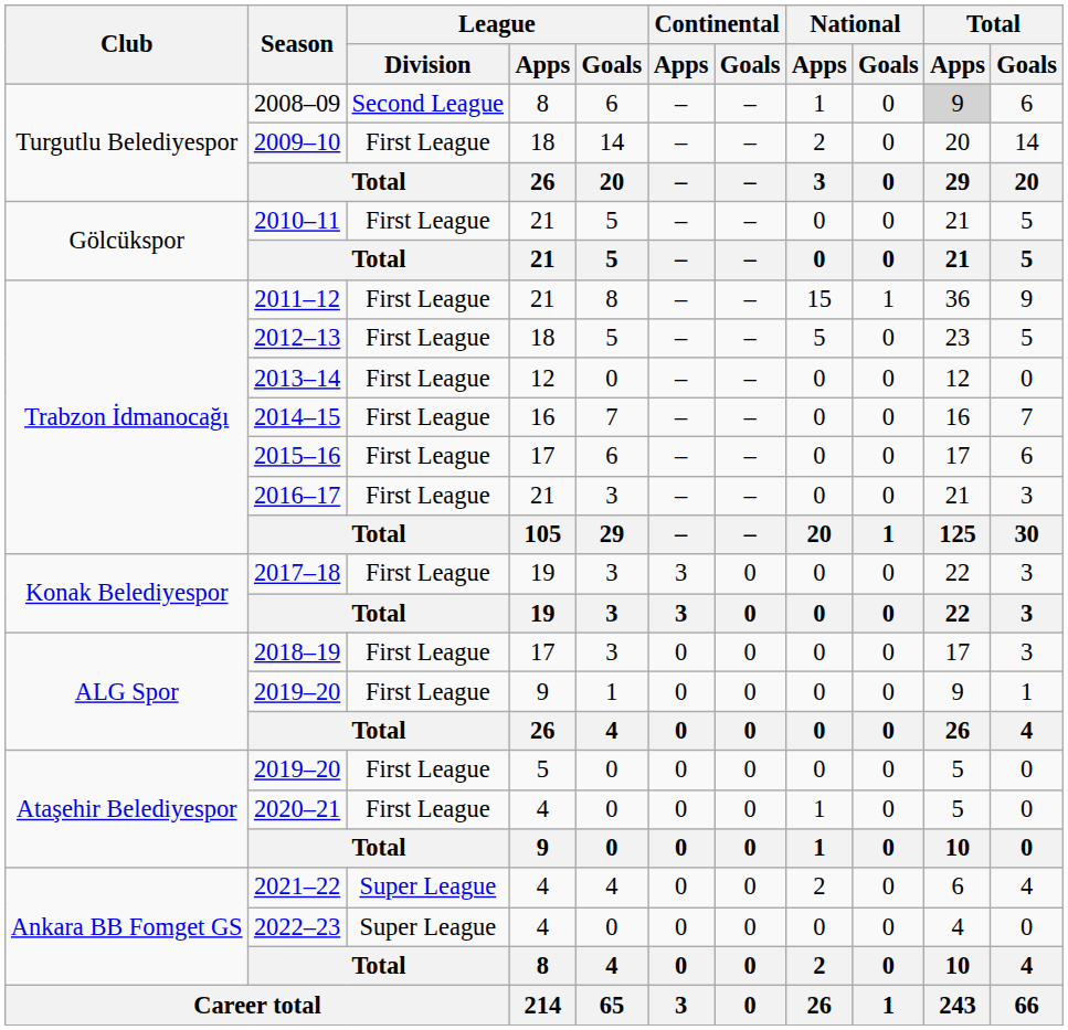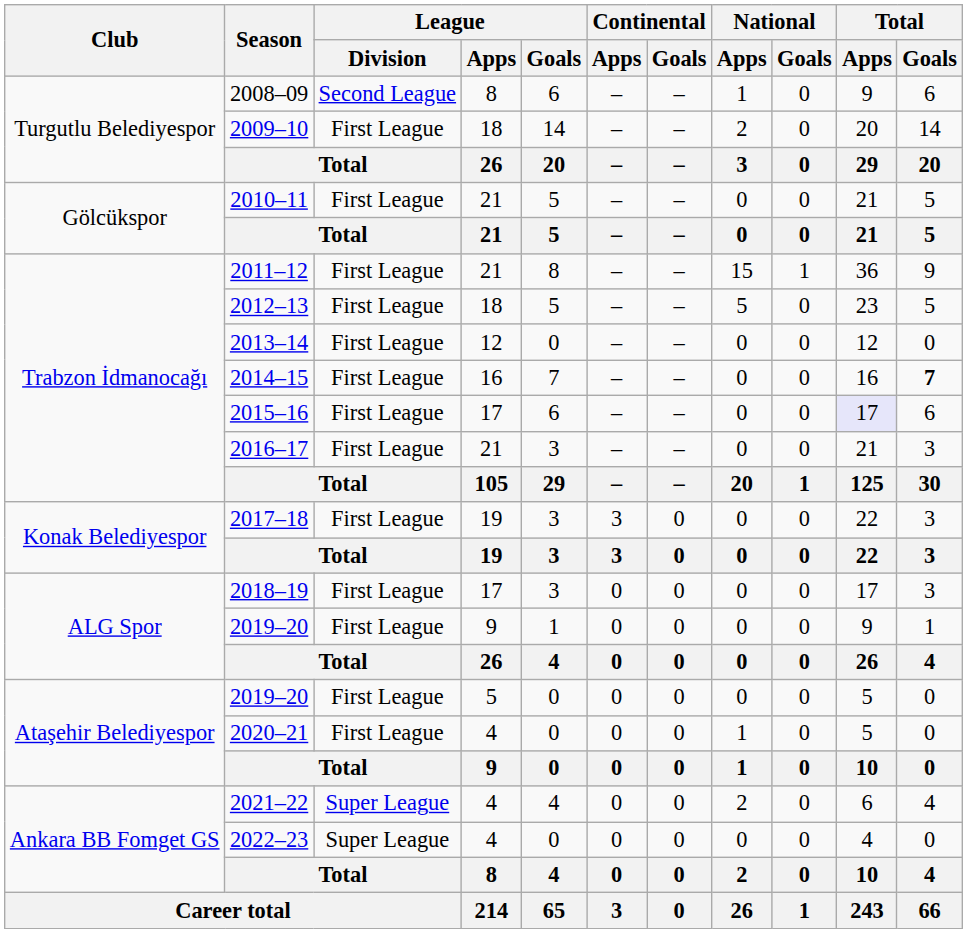 <table class="wikitable" style="text-align: center;">
 <tr>
 <th rowspan="2">Club</th>
 <th rowspan="2">Season</th>
 <th colspan="3">League</th>
 <th colspan="2">Continental</th>
 <th colspan="2">National</th>
 <th colspan="2">Total</th>
 </tr>
 <tr>
 <th>Division</th>
 <th>Apps</th>
 <th>Goals</th>
 <th>Apps</th>
 <th>Goals</th>
 <th>Apps</th>
 <th>Goals</th>
 <th>Apps</th>
 <th>Goals</th>
 </tr>
 <tr>
 <td rowspan=3>Turgutlu Belediyespor</td>
 <td>2008–09</td>
 <td><a href='#'>Second League</a></td>
 <td>8</td>
 <td>6</td>
 <td>–</td>
 <td>–</td>
 <td>1</td>
 <td>0</td>
-<td style="background: lightgrey;">9</td>
+<td>9</td>
 <td>6</td>
 </tr>
 <tr>
 <td><a href='#'>2009–10</a></td>
 <td>First League</td>
 <td>18</td>
 <td>14</td>
 <td>–</td>
 <td>–</td>
 <td>2</td>
 <td>0</td>
 <td>20</td>
 <td>14</td>
 </tr>
 <tr>
 <th colspan=2>Total</th>
 <th>26</th>
 <th>20</th>
 <th>–</th>
 <th>–</th>
 <th>3</th>
 <th>0</th>
 <th>29</th>
 <th>20</th>
 </tr>
 <tr>
 <td rowspan=2>Gölcükspor</td>
 <td><a href='#'>2010–11</a></td>
 <td>First League</td>
 <td>21</td>
 <td>5</td>
 <td>–</td>
 <td>–</td>
 <td>0</td>
 <td>0</td>
 <td>21</td>
 <td>5</td>
 </tr>
 <tr>
 <th colspan=2>Total</th>
 <th>21</th>
 <th>5</th>
 <th>–</th>
 <th>–</th>
 <th>0</th>
 <th>0</th>
 <th>21</th>
 <th>5</th>
 </tr>
 <tr>
 <td rowspan=7><a href='#'>Trabzon İdmanocağı</a></td>
 <td><a href='#'>2011–12</a></td>
 <td>First League</td>
 <td>21</td>
 <td>8</td>
 <td>–</td>
 <td>–</td>
 <td>15</td>
 <td>1</td>
 <td>36</td>
 <td>9</td>
 </tr>
 <tr>
 <td><a href='#'>2012–13</a></td>
 <td>First League</td>
 <td>18</td>
 <td>5</td>
 <td>–</td>
 <td>–</td>
 <td>5</td>
 <td>0</td>
 <td>23</td>
 <td>5</td>
 </tr>
 <tr>
 <td><a href='#'>2013–14</a></td>
 <td>First League</td>
 <td>12</td>
 <td>0</td>
 <td>–</td>
 <td>–</td>
 <td>0</td>
 <td>0</td>
 <td>12</td>
 <td>0</td>
 </tr>
 <tr>
 <td><a href='#'>2014–15</a></td>
 <td>First League</td>
 <td>16</td>
 <td>7</td>
 <td>–</td>
 <td>–</td>
 <td>0</td>
 <td>0</td>
 <td>16</td>
-<td>7</td>
+<td><strong>7</strong></td>
 </tr>
 <tr>
 <td><a href='#'>2015–16</a></td>
 <td>First League</td>
 <td>17</td>
 <td>6</td>
 <td>–</td>
 <td>–</td>
 <td>0</td>
 <td>0</td>
-<td>17</td>
+<td style="background: lavender;">17</td>
 <td>6</td>
 </tr>
 <tr>
 <td><a href='#'>2016–17</a></td>
 <td>First League</td>
 <td>21</td>
 <td>3</td>
 <td>–</td>
 <td>–</td>
 <td>0</td>
 <td>0</td>
 <td>21</td>
 <td>3</td>
 </tr>
 <tr>
 <th colspan=2>Total</th>
 <th>105</th>
 <th>29</th>
 <th>–</th>
 <th>–</th>
 <th>20</th>
 <th>1</th>
 <th>125</th>
 <th>30</th>
 </tr>
 <tr>
 <td rowspan=2><a href='#'>Konak Belediyespor</a></td>
 <td><a href='#'>2017–18</a></td>
 <td>First League</td>
 <td>19</td>
 <td>3</td>
 <td>3</td>
 <td>0</td>
 <td>0</td>
 <td>0</td>
 <td>22</td>
 <td>3</td>
 </tr>
 <tr>
 <th colspan="2">Total</th>
 <th>19</th>
 <th>3</th>
 <th>3</th>
 <th>0</th>
 <th>0</th>
 <th>0</th>
 <th>22</th>
 <th>3</th>
 </tr>
 <tr>
 <td rowspan=3><a href='#'>ALG Spor</a></td>
 <td><a href='#'>2018–19</a></td>
 <td>First League</td>
 <td>17</td>
 <td>3</td>
 <td>0</td>
 <td>0</td>
 <td>0</td>
 <td>0</td>
 <td>17</td>
 <td>3</td>
 </tr>
 <tr>
 <td><a href='#'>2019–20</a></td>
 <td>First League</td>
 <td>9</td>
 <td>1</td>
 <td>0</td>
 <td>0</td>
 <td>0</td>
 <td>0</td>
 <td>9</td>
 <td>1</td>
 </tr>
 <tr>
 <th colspan="2">Total</th>
 <th>26</th>
 <th>4</th>
 <th>0</th>
 <th>0</th>
 <th>0</th>
 <th>0</th>
 <th>26</th>
 <th>4</th>
 </tr>
 <tr>
 <td rowspan=3><a href='#'>Ataşehir Belediyespor</a></td>
 <td><a href='#'>2019–20</a></td>
 <td>First League</td>
 <td>5</td>
 <td>0</td>
 <td>0</td>
 <td>0</td>
 <td>0</td>
 <td>0</td>
 <td>5</td>
 <td>0</td>
 </tr>
 <tr>
 <td><a href='#'>2020–21</a></td>
 <td>First League</td>
 <td>4</td>
 <td>0</td>
 <td>0</td>
 <td>0</td>
 <td>1</td>
 <td>0</td>
 <td>5</td>
 <td>0</td>
 </tr>
 <tr>
 <th colspan="2">Total</th>
 <th>9</th>
 <th>0</th>
 <th>0</th>
 <th>0</th>
 <th>1</th>
 <th>0</th>
 <th>10</th>
 <th>0</th>
 </tr>
 <tr>
 <td rowspan=3><a href='#'>Ankara BB Fomget GS</a></td>
 <td><a href='#'>2021–22</a></td>
 <td><a href='#'>Super League</a></td>
 <td>4</td>
 <td>4</td>
 <td>0</td>
 <td>0</td>
 <td>2</td>
 <td>0</td>
 <td>6</td>
 <td>4</td>
 </tr>
 <tr>
 <td><a href='#'>2022–23</a></td>
 <td>Super League</td>
 <td>4</td>
 <td>0</td>
 <td>0</td>
 <td>0</td>
 <td>0</td>
 <td>0</td>
 <td>4</td>
 <td>0</td>
 </tr>
 <tr>
 <th colspan="2">Total</th>
 <th>8</th>
 <th>4</th>
 <th>0</th>
 <th>0</th>
 <th>2</th>
 <th>0</th>
 <th>10</th>
 <th>4</th>
 </tr>
 <tr>
 <th colspan=3>Career total</th>
 <th>214</th>
 <th>65</th>
 <th>3</th>
 <th>0</th>
 <th>26</th>
 <th>1</th>
 <th>243</th>
 <th>66</th>
 </tr>
 </table>
